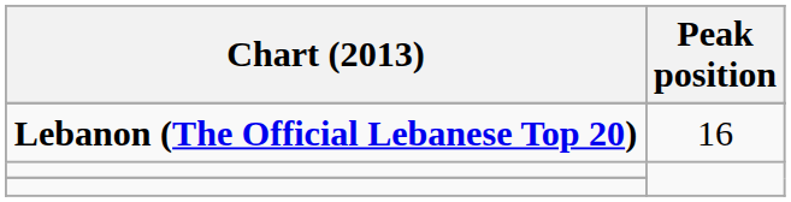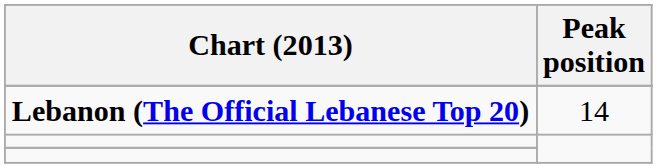 <table class="wikitable sortable">
 <tr>
 <th>Chart (2013)</th>
 <th>Peak<br>position</th>
 </tr>
 <tr>
 </tr>
 <tr>
 </tr>
 <tr>
 </tr>
 <tr>
 </tr>
 <tr>
 <td><strong>Lebanon (<a href='#'>The Official Lebanese Top 20</a>)</strong></td>
-<td style="text-align:center;">16</td>
+<td style="text-align:center;">14</td>
 </tr>
 <tr>
 <td></td>
 </tr>
 <tr>
 </tr>
 <tr>
 <td></td>
 </tr>
 </table>
